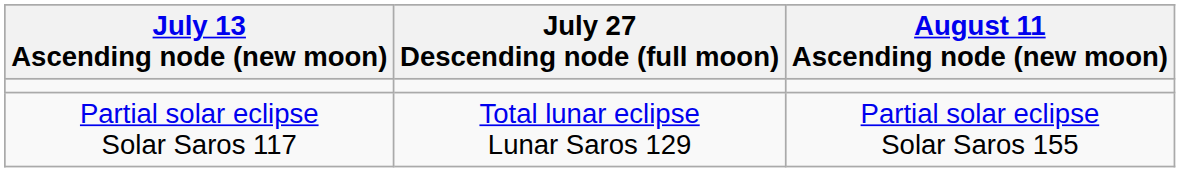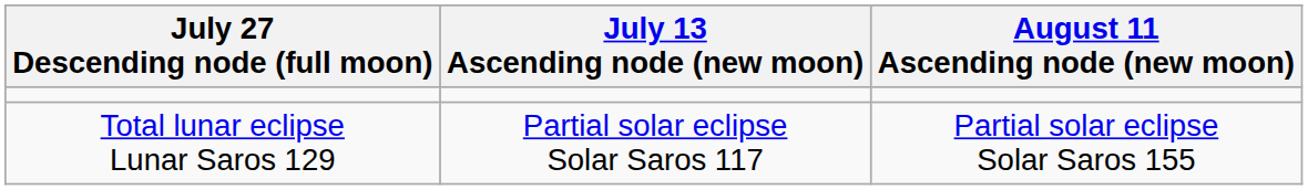 <table class="wikitable">
 <tr>
+<th>July 27<br>Descending node (full moon)<br></th>
 <th><a href='#'>July 13</a><br>Ascending node (new moon)<br></th>
-<th>July 27<br>Descending node (full moon)<br></th>
 <th><a href='#'>August 11</a><br>Ascending node (new moon)<br></th>
 </tr>
 <tr>
 <td></td>
 <td></td>
 <td></td>
 </tr>
 <tr align=center>
+<td><a href='#'>Total lunar eclipse</a><br>Lunar Saros 129</td>
 <td><a href='#'>Partial solar eclipse</a><br>Solar Saros 117</td>
-<td><a href='#'>Total lunar eclipse</a><br>Lunar Saros 129</td>
 <td><a href='#'>Partial solar eclipse</a><br>Solar Saros 155</td>
 </tr>
 </table>
